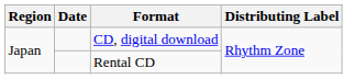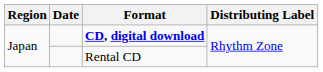 <table class="wikitable">
 <tr>
 <th>Region</th>
 <th>Date</th>
 <th>Format</th>
 <th>Distributing Label</th>
 </tr>
 <tr>
 <td rowspan="2">Japan</td>
 <td></td>
-<td><a href='#'>CD</a>, <a href='#'>digital download</a></td>
+<td><strong><a href='#'>CD</a>, <a href='#'>digital download</a></strong></td>
 <td rowspan="2"><a href='#'>Rhythm Zone</a></td>
 </tr>
 <tr>
 <td></td>
 <td>Rental CD</td>
 </tr>
 </table>
